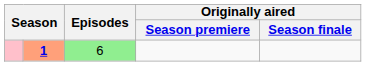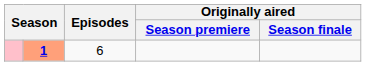 <table class="wikitable plainrowheaders" style="text-align:center;">
 <tr>
 <th scope="col" style="padding:0 8px;" rowspan="2" colspan="2">Season</th>
 <th scope="col" style="padding:0 8px;" rowspan="2">Episodes</th>
 <th scope="col" style="padding:0 80px;" colspan="2">Originally aired</th>
 </tr>
 <tr>
 <th scope="col"><a href='#'>Season premiere</a></th>
 <th scope="col"><a href='#'>Season finale</a></th>
 </tr>
 <tr>
 <td scope="row" style="background:pink; color:#100;"></td>
 <td style="background: lightsalmon;"><strong><a href='#'>1</a></strong></td>
-<td style="background: lightgreen;">6</td>
+<td>6</td>
 <td></td>
 <td></td>
 </tr>
 </table>
